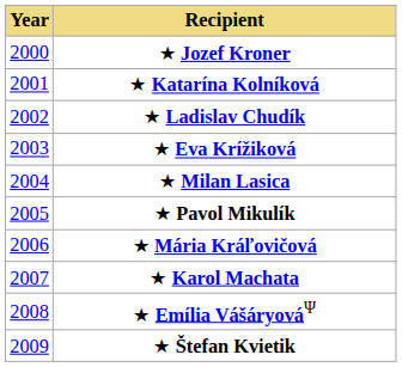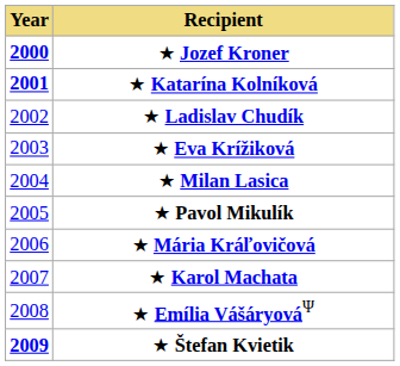 <table class=wikitable sortable style="background:white">
 <tr>
 <th style=background:#F0DC82>Year</th>
 <th style=background:#F0DC82 width=273>Recipient</th>
 </tr>
 <tr>
-<td><a href='#'>2000</a></td>
+<td><strong><a href='#'>2000</a></strong></td>
 <td align=center>★ <strong><a href='#'>Jozef Kroner</a></strong></td>
 </tr>
 <tr>
-<td><a href='#'>2001</a></td>
+<td><strong><a href='#'>2001</a></strong></td>
 <td align=center>★ <strong><a href='#'>Katarína Kolníková</a></strong></td>
 </tr>
 <tr>
 <td><a href='#'>2002</a></td>
 <td align=center>★ <strong><a href='#'>Ladislav Chudík</a></strong></td>
 </tr>
 <tr>
 <td><a href='#'>2003</a></td>
 <td align=center>★ <strong><a href='#'>Eva Krížiková</a></strong></td>
 </tr>
 <tr>
 <td><a href='#'>2004</a></td>
 <td align=center>★ <strong><a href='#'>Milan Lasica</a></strong></td>
 </tr>
 <tr>
 <td><a href='#'>2005</a></td>
 <td align=center>★ <strong>Pavol Mikulík</strong></td>
 </tr>
 <tr>
 <td><a href='#'>2006</a></td>
 <td align=center>★ <strong><a href='#'>Mária Kráľovičová</a></strong></td>
 </tr>
 <tr>
 <td><a href='#'>2007</a></td>
 <td align=center>★ <strong><a href='#'>Karol Machata</a></strong></td>
 </tr>
 <tr>
 <td><a href='#'>2008</a></td>
 <td align=center>★ <strong><a href='#'>Emília Vášáryová</a></strong><sup>Ψ</sup></td>
 </tr>
 <tr>
-<td><a href='#'>2009</a></td>
+<td><strong><a href='#'>2009</a></strong></td>
 <td align=center>★ <strong>Štefan Kvietik</strong></td>
 </tr>
 </table>
